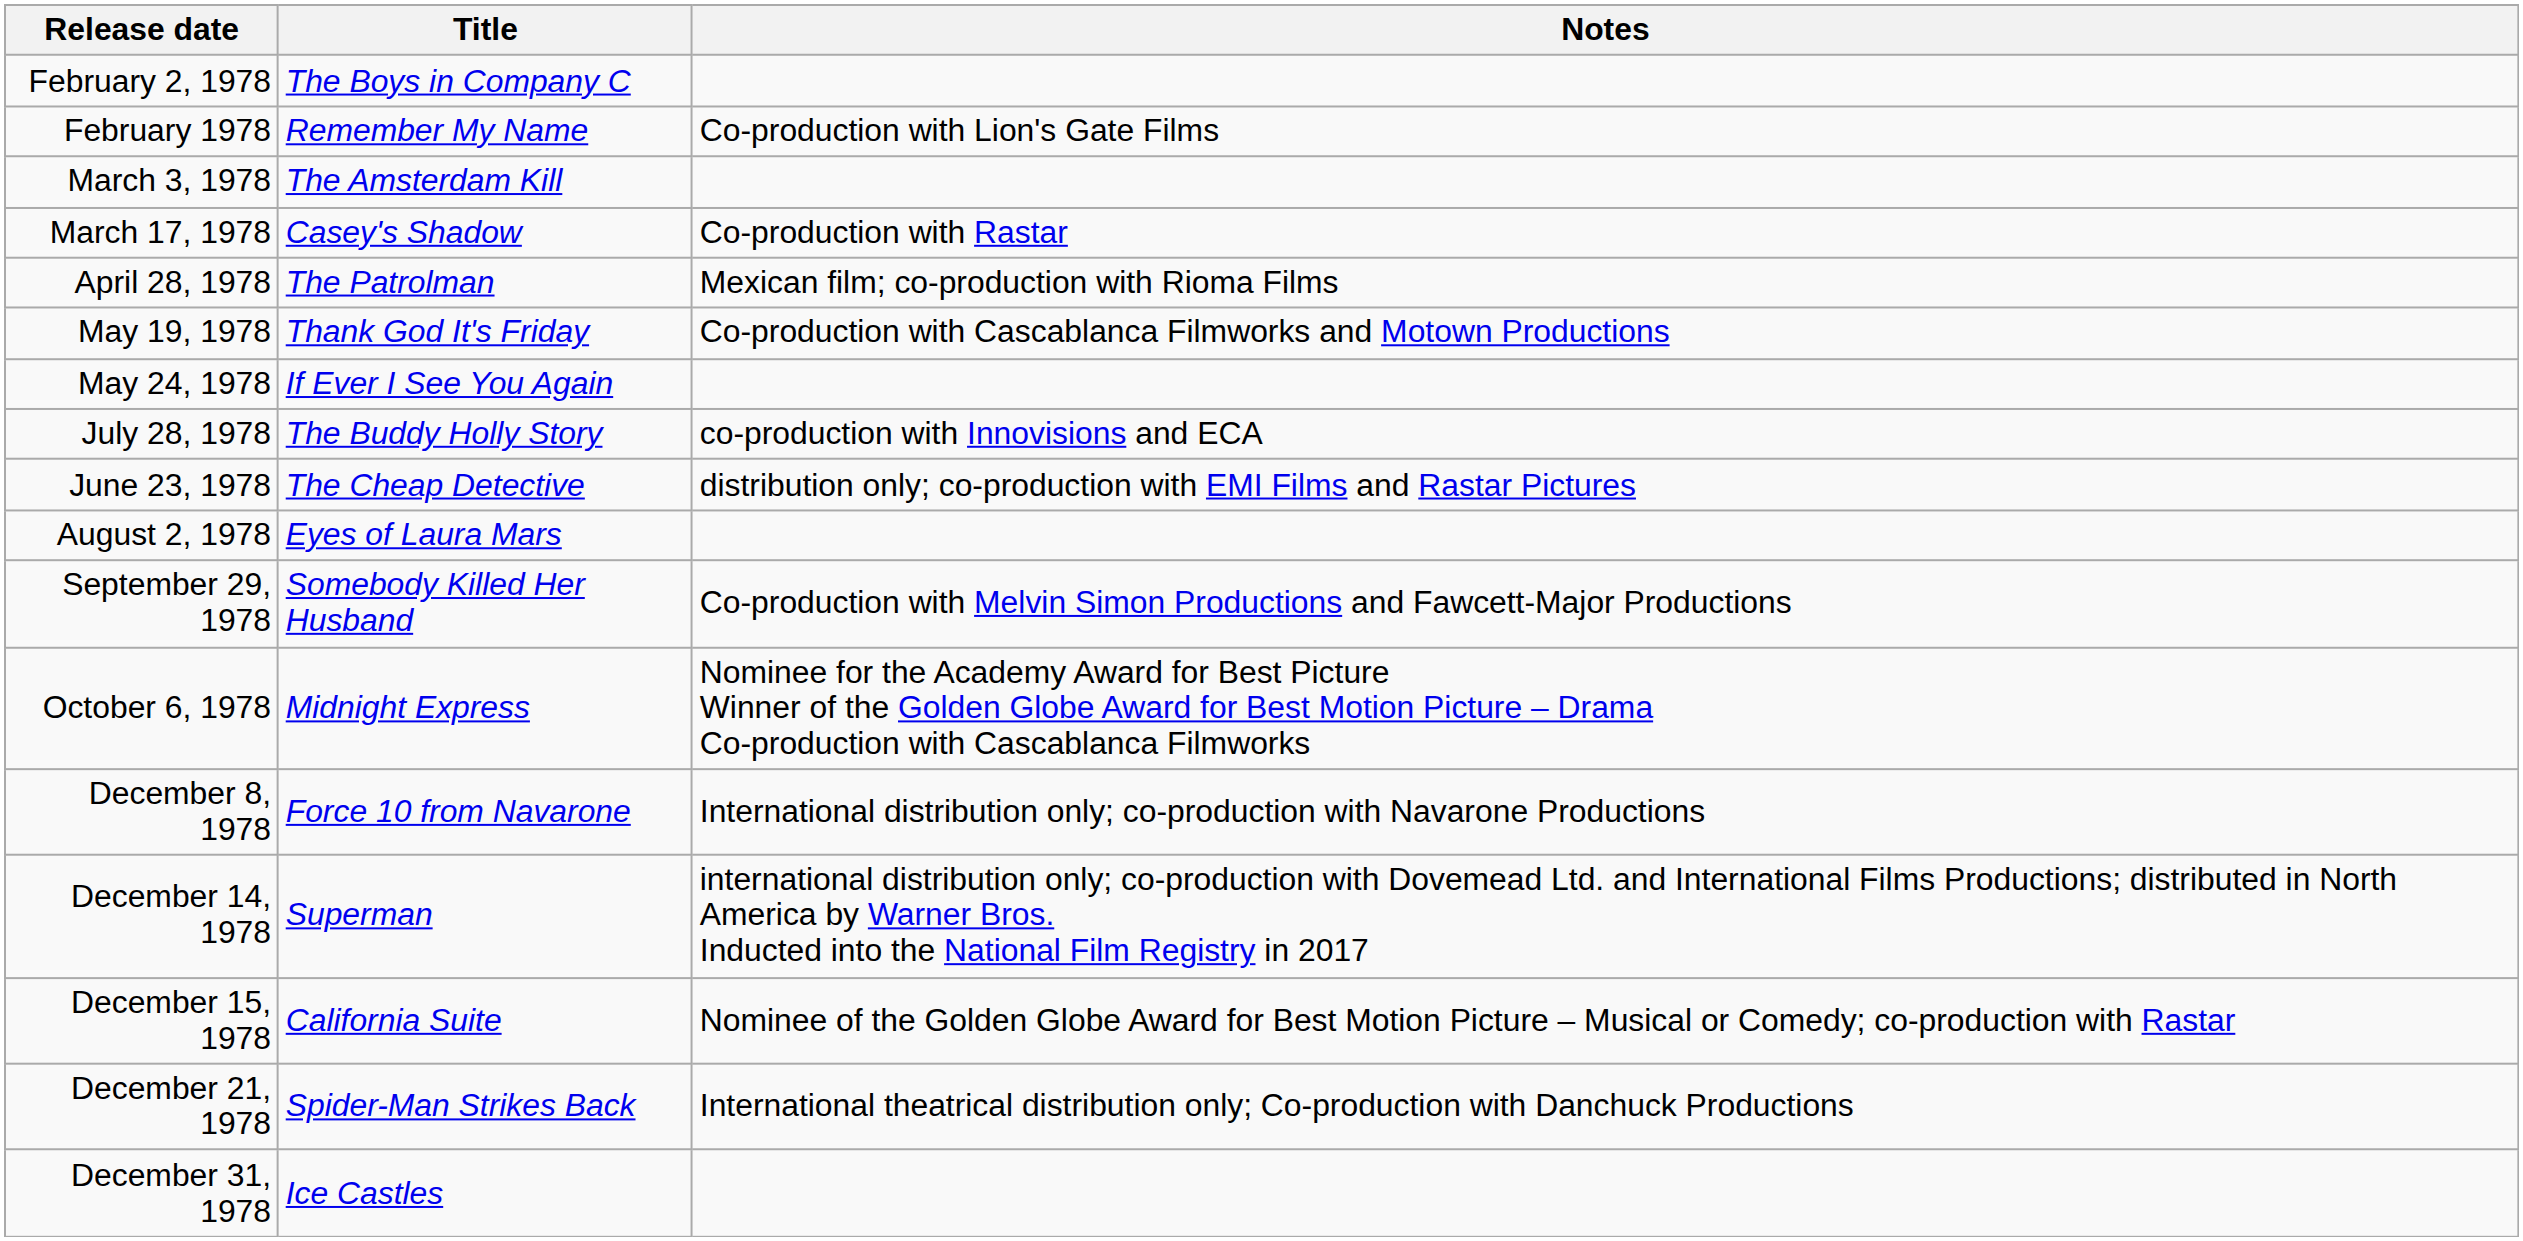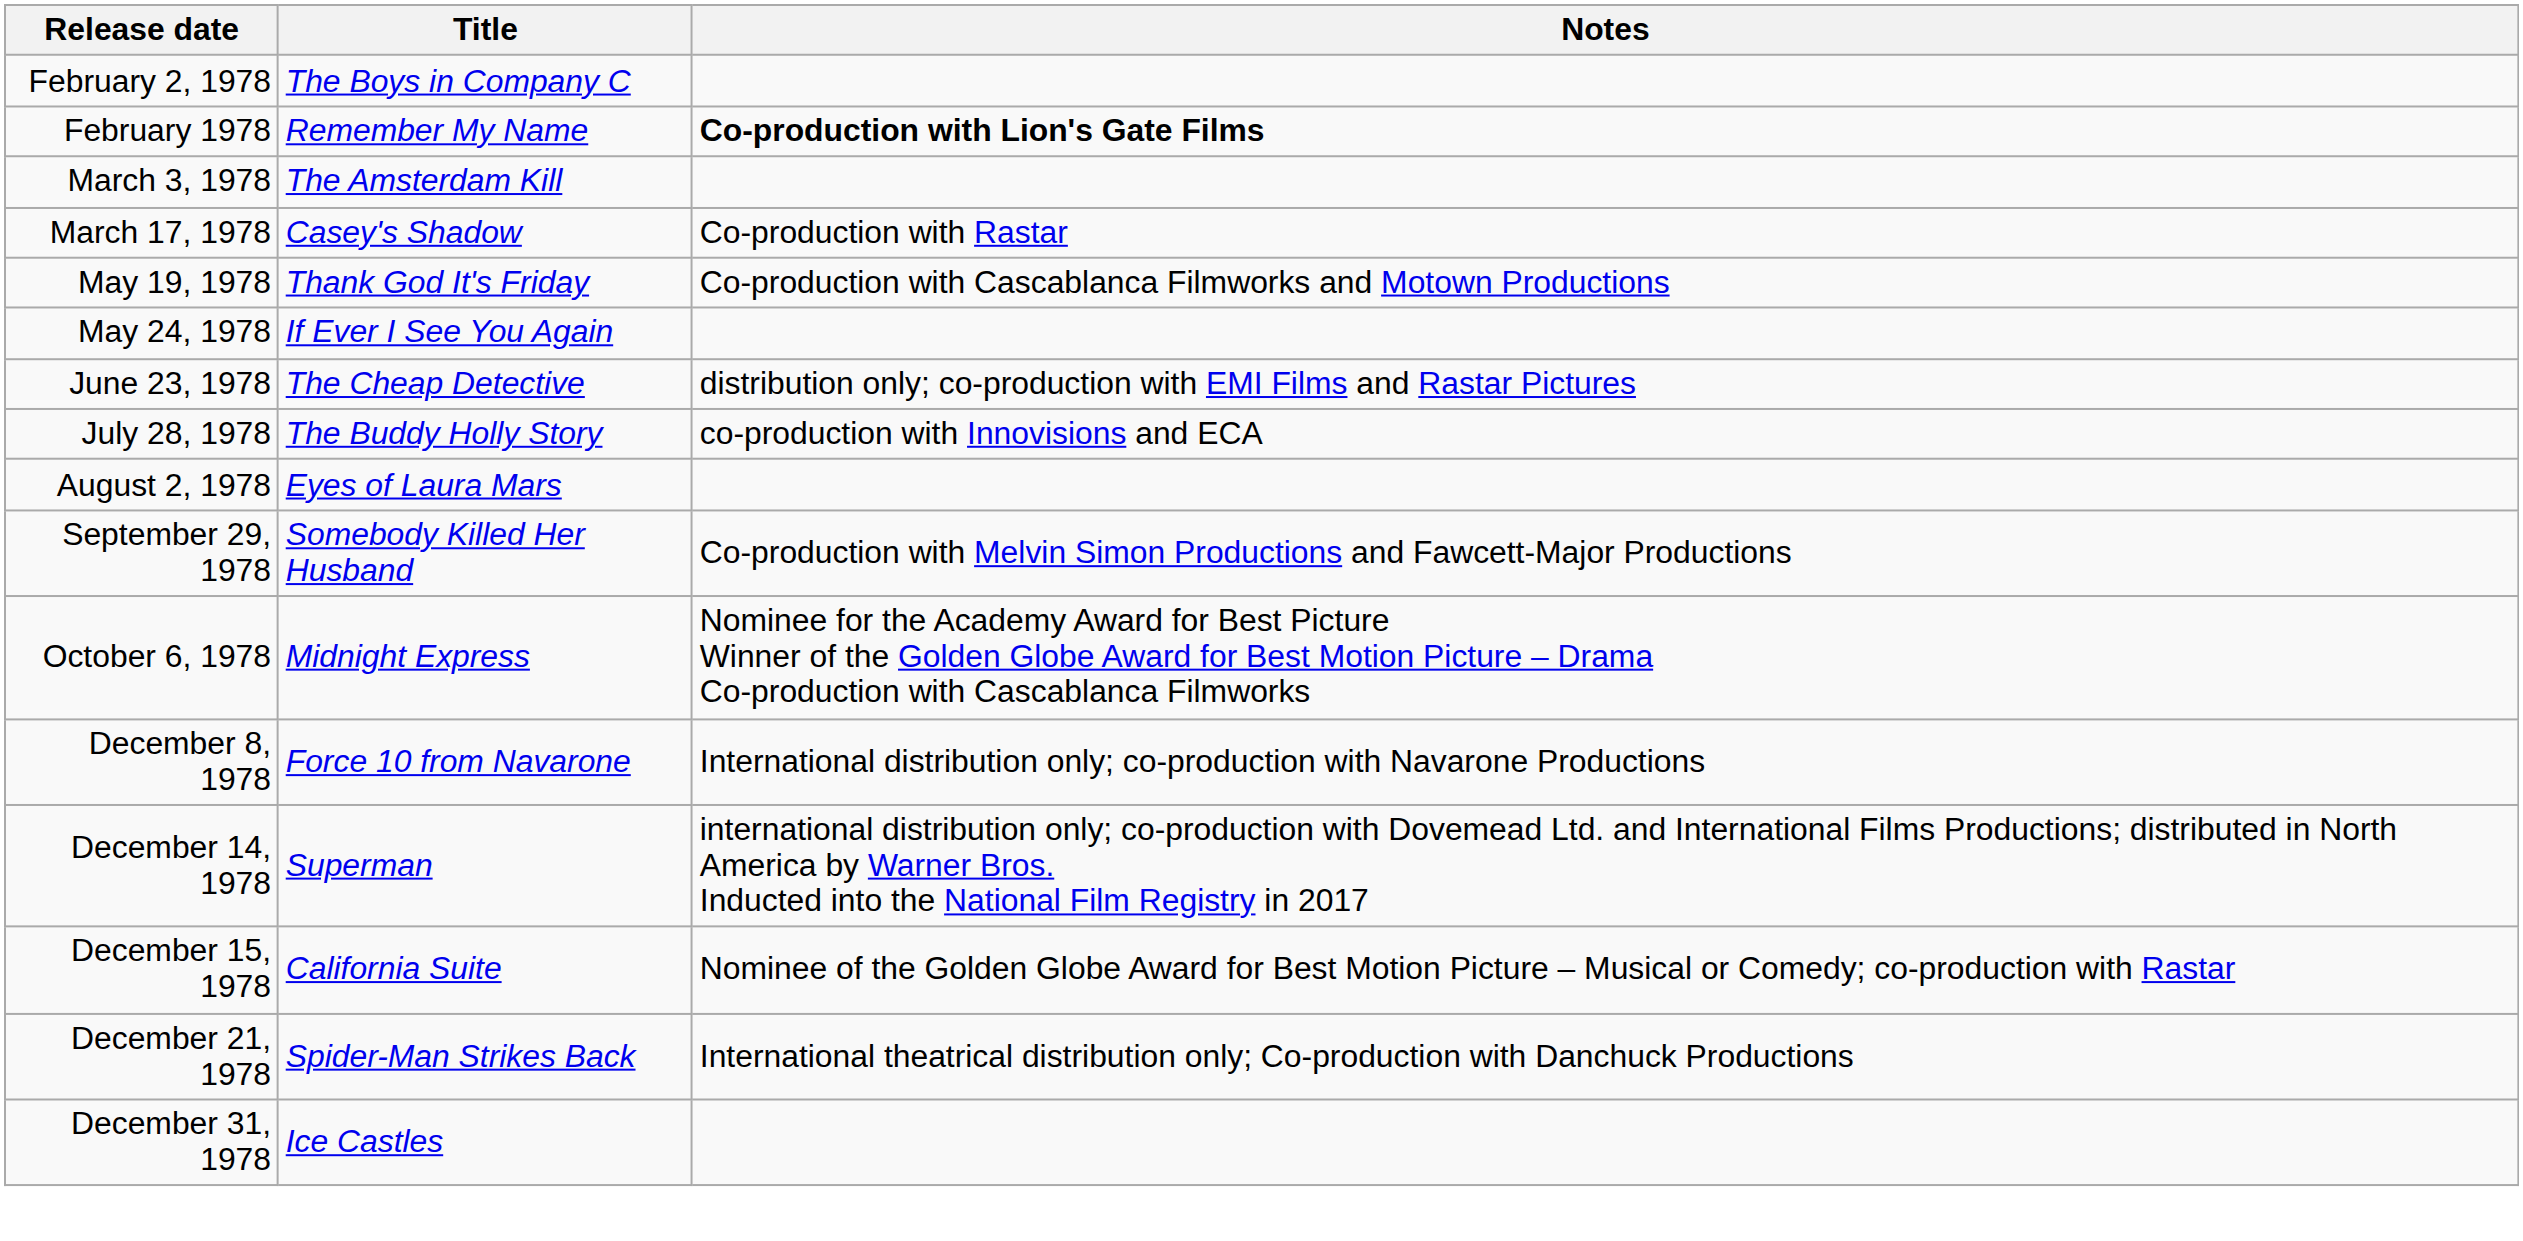 <table class="wikitable sortable" style="width:100%;">
 <tr>
 <th scope="col" style="width:130px;">Release date</th>
 <th>Title</th>
 <th>Notes</th>
 </tr>
 <tr>
 <td style="text-align:right;">February 2, 1978</td>
 <td><em><a href='#'>The Boys in Company C</a></em></td>
 <td></td>
 </tr>
 <tr>
 <td style="text-align:right;">February 1978</td>
 <td><em><a href='#'>Remember My Name</a></em></td>
-<td>Co-production with Lion's Gate Films</td>
+<td><strong>Co-production with Lion's Gate Films</strong></td>
 </tr>
 <tr>
 <td style="text-align:right;">March 3, 1978</td>
 <td><em><a href='#'>The Amsterdam Kill</a></em></td>
 <td></td>
 </tr>
 <tr>
 <td style="text-align:right;">March 17, 1978</td>
 <td><em><a href='#'>Casey's Shadow</a></em></td>
 <td>Co-production with <a href='#'>Rastar</a></td>
 </tr>
 <tr>
-<td style="text-align:right;">April 28, 1978</td>
-<td><em><a href='#'>The Patrolman</a></em></td>
-<td>Mexican film; co-production with Rioma Films</td>
-</tr>
-<tr>
 <td style="text-align:right;">May 19, 1978</td>
 <td><em><a href='#'>Thank God It's Friday</a></em></td>
 <td>Co-production with Cascablanca Filmworks and <a href='#'>Motown Productions</a></td>
 </tr>
 <tr>
 <td style="text-align:right;">May 24, 1978</td>
 <td><em><a href='#'>If Ever I See You Again</a></em></td>
 <td></td>
 </tr>
 <tr>
+<td style="text-align:right;">June 23, 1978</td>
+<td><em><a href='#'>The Cheap Detective</a></em></td>
+<td>distribution only; co-production with <a href='#'>EMI Films</a> and <a href='#'>Rastar Pictures</a></td>
+</tr>
+<tr>
 <td style="text-align:right;">July 28, 1978</td>
 <td><em><a href='#'>The Buddy Holly Story</a></em></td>
 <td>co-production with <a href='#'>Innovisions</a> and ECA</td>
-</tr>
-<tr>
-<td style="text-align:right;">June 23, 1978</td>
-<td><em><a href='#'>The Cheap Detective</a></em></td>
-<td>distribution only; co-production with <a href='#'>EMI Films</a> and <a href='#'>Rastar Pictures</a></td>
 </tr>
 <tr>
 <td style="text-align:right;">August 2, 1978</td>
 <td><em><a href='#'>Eyes of Laura Mars</a></em></td>
 <td></td>
 </tr>
 <tr>
 <td style="text-align:right;">September 29, 1978</td>
 <td><em><a href='#'>Somebody Killed Her Husband</a></em></td>
 <td>Co-production with <a href='#'>Melvin Simon Productions</a> and Fawcett-Major Productions</td>
 </tr>
 <tr>
 <td style="text-align:right;">October 6, 1978</td>
 <td><em><a href='#'>Midnight Express</a></em></td>
 <td>Nominee for the Academy Award for Best Picture<br>Winner of the <a href='#'>Golden Globe Award for Best Motion Picture – Drama</a><br>Co-production with Cascablanca Filmworks</td>
 </tr>
 <tr>
 <td style="text-align:right;">December 8, 1978</td>
 <td><em><a href='#'>Force 10 from Navarone</a></em></td>
 <td>International distribution only; co-production with Navarone Productions</td>
 </tr>
 <tr>
 <td style="text-align:right;">December 14, 1978</td>
 <td><em><a href='#'>Superman</a></em></td>
 <td>international distribution only; co-production with Dovemead Ltd. and International Films Productions; distributed in North America by <a href='#'>Warner Bros.</a><br>Inducted into the <a href='#'>National Film Registry</a> in 2017</td>
 </tr>
 <tr>
 <td style="text-align:right;">December 15, 1978</td>
 <td><em><a href='#'>California Suite</a></em></td>
 <td>Nominee of the Golden Globe Award for Best Motion Picture – Musical or Comedy; co-production with <a href='#'>Rastar</a></td>
 </tr>
 <tr>
 <td style="text-align:right;">December 21, 1978</td>
 <td><em><a href='#'>Spider-Man Strikes Back</a></em></td>
 <td>International theatrical distribution only; Co-production with Danchuck Productions</td>
 </tr>
 <tr>
 <td style="text-align:right;">December 31, 1978</td>
 <td><em><a href='#'>Ice Castles</a></em></td>
 <td></td>
 </tr>
 </table>
